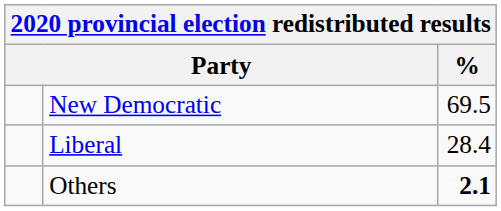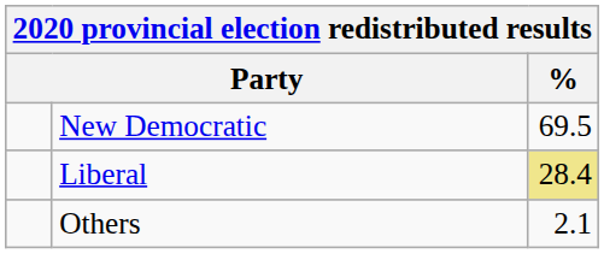 <table class="wikitable">
 <tr>
 <th colspan="4"><a href='#'>2020 provincial election</a> redistributed results</th>
 </tr>
 <tr>
 <th bgcolor="#DDDDFF" width="130px" colspan="2">Party</th>
 <th bgcolor="#DDDDFF" width="30px">%</th>
 </tr>
 <tr>
 <td> </td>
 <td><a href='#'>New Democratic</a></td>
 <td align=right>69.5</td>
 </tr>
 <tr>
 <td> </td>
 <td><a href='#'>Liberal</a></td>
-<td align=right>28.4</td>
+<td align=right style="background: khaki;">28.4</td>
 </tr>
 <tr>
 <td> </td>
 <td>Others</td>
-<td align=right><strong>2.1</strong></td>
+<td align=right>2.1</td>
 </tr>
 </table>
